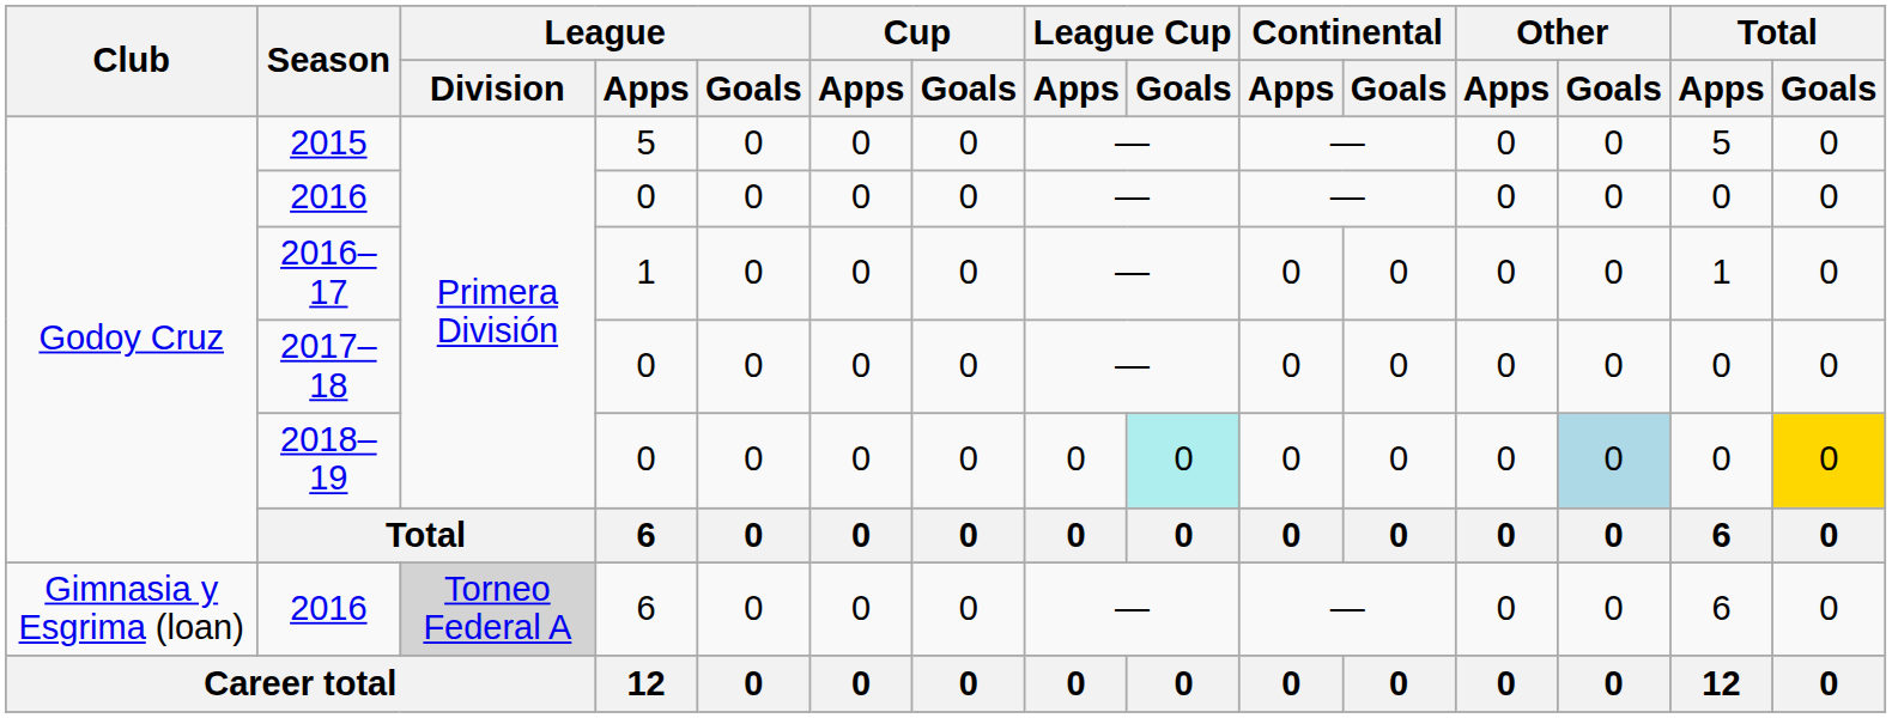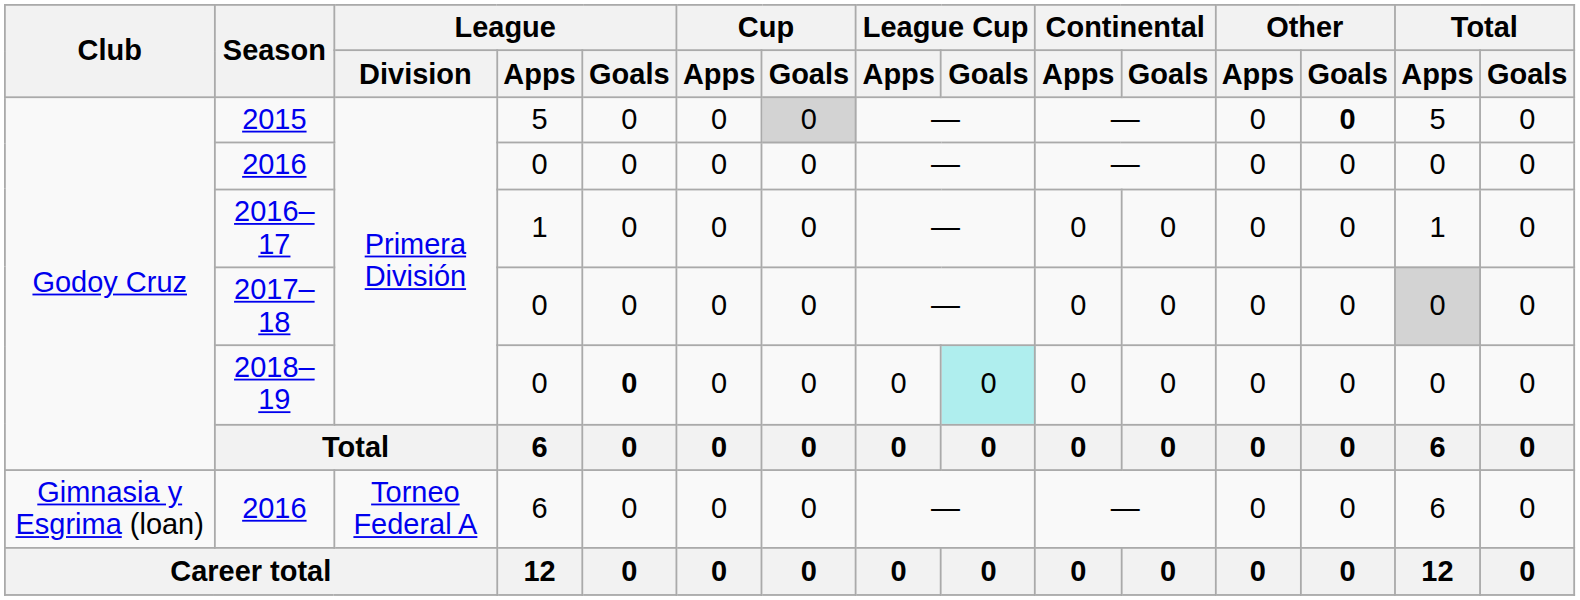 <table class="wikitable" style="text-align:center">
 <tr>
 <th rowspan="2">Club</th>
 <th rowspan="2">Season</th>
 <th colspan="3">League</th>
 <th colspan="2">Cup</th>
 <th colspan="2">League Cup</th>
 <th colspan="2">Continental</th>
 <th colspan="2">Other</th>
 <th colspan="2">Total</th>
 </tr>
 <tr>
 <th>Division</th>
 <th>Apps</th>
 <th>Goals</th>
 <th>Apps</th>
 <th>Goals</th>
 <th>Apps</th>
 <th>Goals</th>
 <th>Apps</th>
 <th>Goals</th>
 <th>Apps</th>
 <th>Goals</th>
 <th>Apps</th>
 <th>Goals</th>
 </tr>
 <tr>
 <td rowspan="6"><a href='#'>Godoy Cruz</a></td>
 <td><a href='#'>2015</a></td>
 <td rowspan="5"><a href='#'>Primera División</a></td>
 <td>5</td>
 <td>0</td>
 <td>0</td>
-<td>0</td>
+<td style="background: lightgrey;">0</td>
 <td colspan="2">—</td>
 <td colspan="2">—</td>
 <td>0</td>
-<td>0</td>
+<td><strong>0</strong></td>
 <td>5</td>
 <td>0</td>
 </tr>
 <tr>
 <td><a href='#'>2016</a></td>
 <td>0</td>
 <td>0</td>
 <td>0</td>
 <td>0</td>
 <td colspan="2">—</td>
 <td colspan="2">—</td>
 <td>0</td>
 <td>0</td>
 <td>0</td>
 <td>0</td>
 </tr>
 <tr>
 <td><a href='#'>2016–17</a></td>
 <td>1</td>
 <td>0</td>
 <td>0</td>
 <td>0</td>
 <td colspan="2">—</td>
 <td>0</td>
 <td>0</td>
 <td>0</td>
 <td>0</td>
 <td>1</td>
 <td>0</td>
 </tr>
 <tr>
 <td><a href='#'>2017–18</a></td>
 <td>0</td>
 <td>0</td>
 <td>0</td>
 <td>0</td>
 <td colspan="2">—</td>
 <td>0</td>
 <td>0</td>
 <td>0</td>
 <td>0</td>
-<td>0</td>
+<td style="background: lightgrey;">0</td>
 <td>0</td>
 </tr>
 <tr>
 <td><a href='#'>2018–19</a></td>
 <td>0</td>
-<td>0</td>
+<td><strong>0</strong></td>
 <td>0</td>
 <td>0</td>
 <td>0</td>
 <td style="background: paleturquoise;">0</td>
 <td>0</td>
 <td>0</td>
 <td>0</td>
-<td style="background: lightblue;">0</td>
 <td>0</td>
-<td style="background: gold;">0</td>
+<td>0</td>
+<td>0</td>
 </tr>
 <tr>
 <th colspan="2">Total</th>
 <th>6</th>
 <th>0</th>
 <th>0</th>
 <th>0</th>
 <th>0</th>
 <th>0</th>
 <th>0</th>
 <th>0</th>
 <th>0</th>
 <th>0</th>
 <th>6</th>
 <th>0</th>
 </tr>
 <tr>
 <td rowspan="1"><a href='#'>Gimnasia y Esgrima</a> (loan)</td>
 <td><a href='#'>2016</a></td>
-<td rowspan="1" style="background: lightgrey;"><a href='#'>Torneo Federal A</a></td>
+<td rowspan="1"><a href='#'>Torneo Federal A</a></td>
 <td>6</td>
 <td>0</td>
 <td>0</td>
 <td>0</td>
 <td colspan="2">—</td>
 <td colspan="2">—</td>
 <td>0</td>
 <td>0</td>
 <td>6</td>
 <td>0</td>
 </tr>
 <tr>
 <th colspan="3">Career total</th>
 <th>12</th>
 <th>0</th>
 <th>0</th>
 <th>0</th>
 <th>0</th>
 <th>0</th>
 <th>0</th>
 <th>0</th>
 <th>0</th>
 <th>0</th>
 <th>12</th>
 <th>0</th>
 </tr>
 </table>
